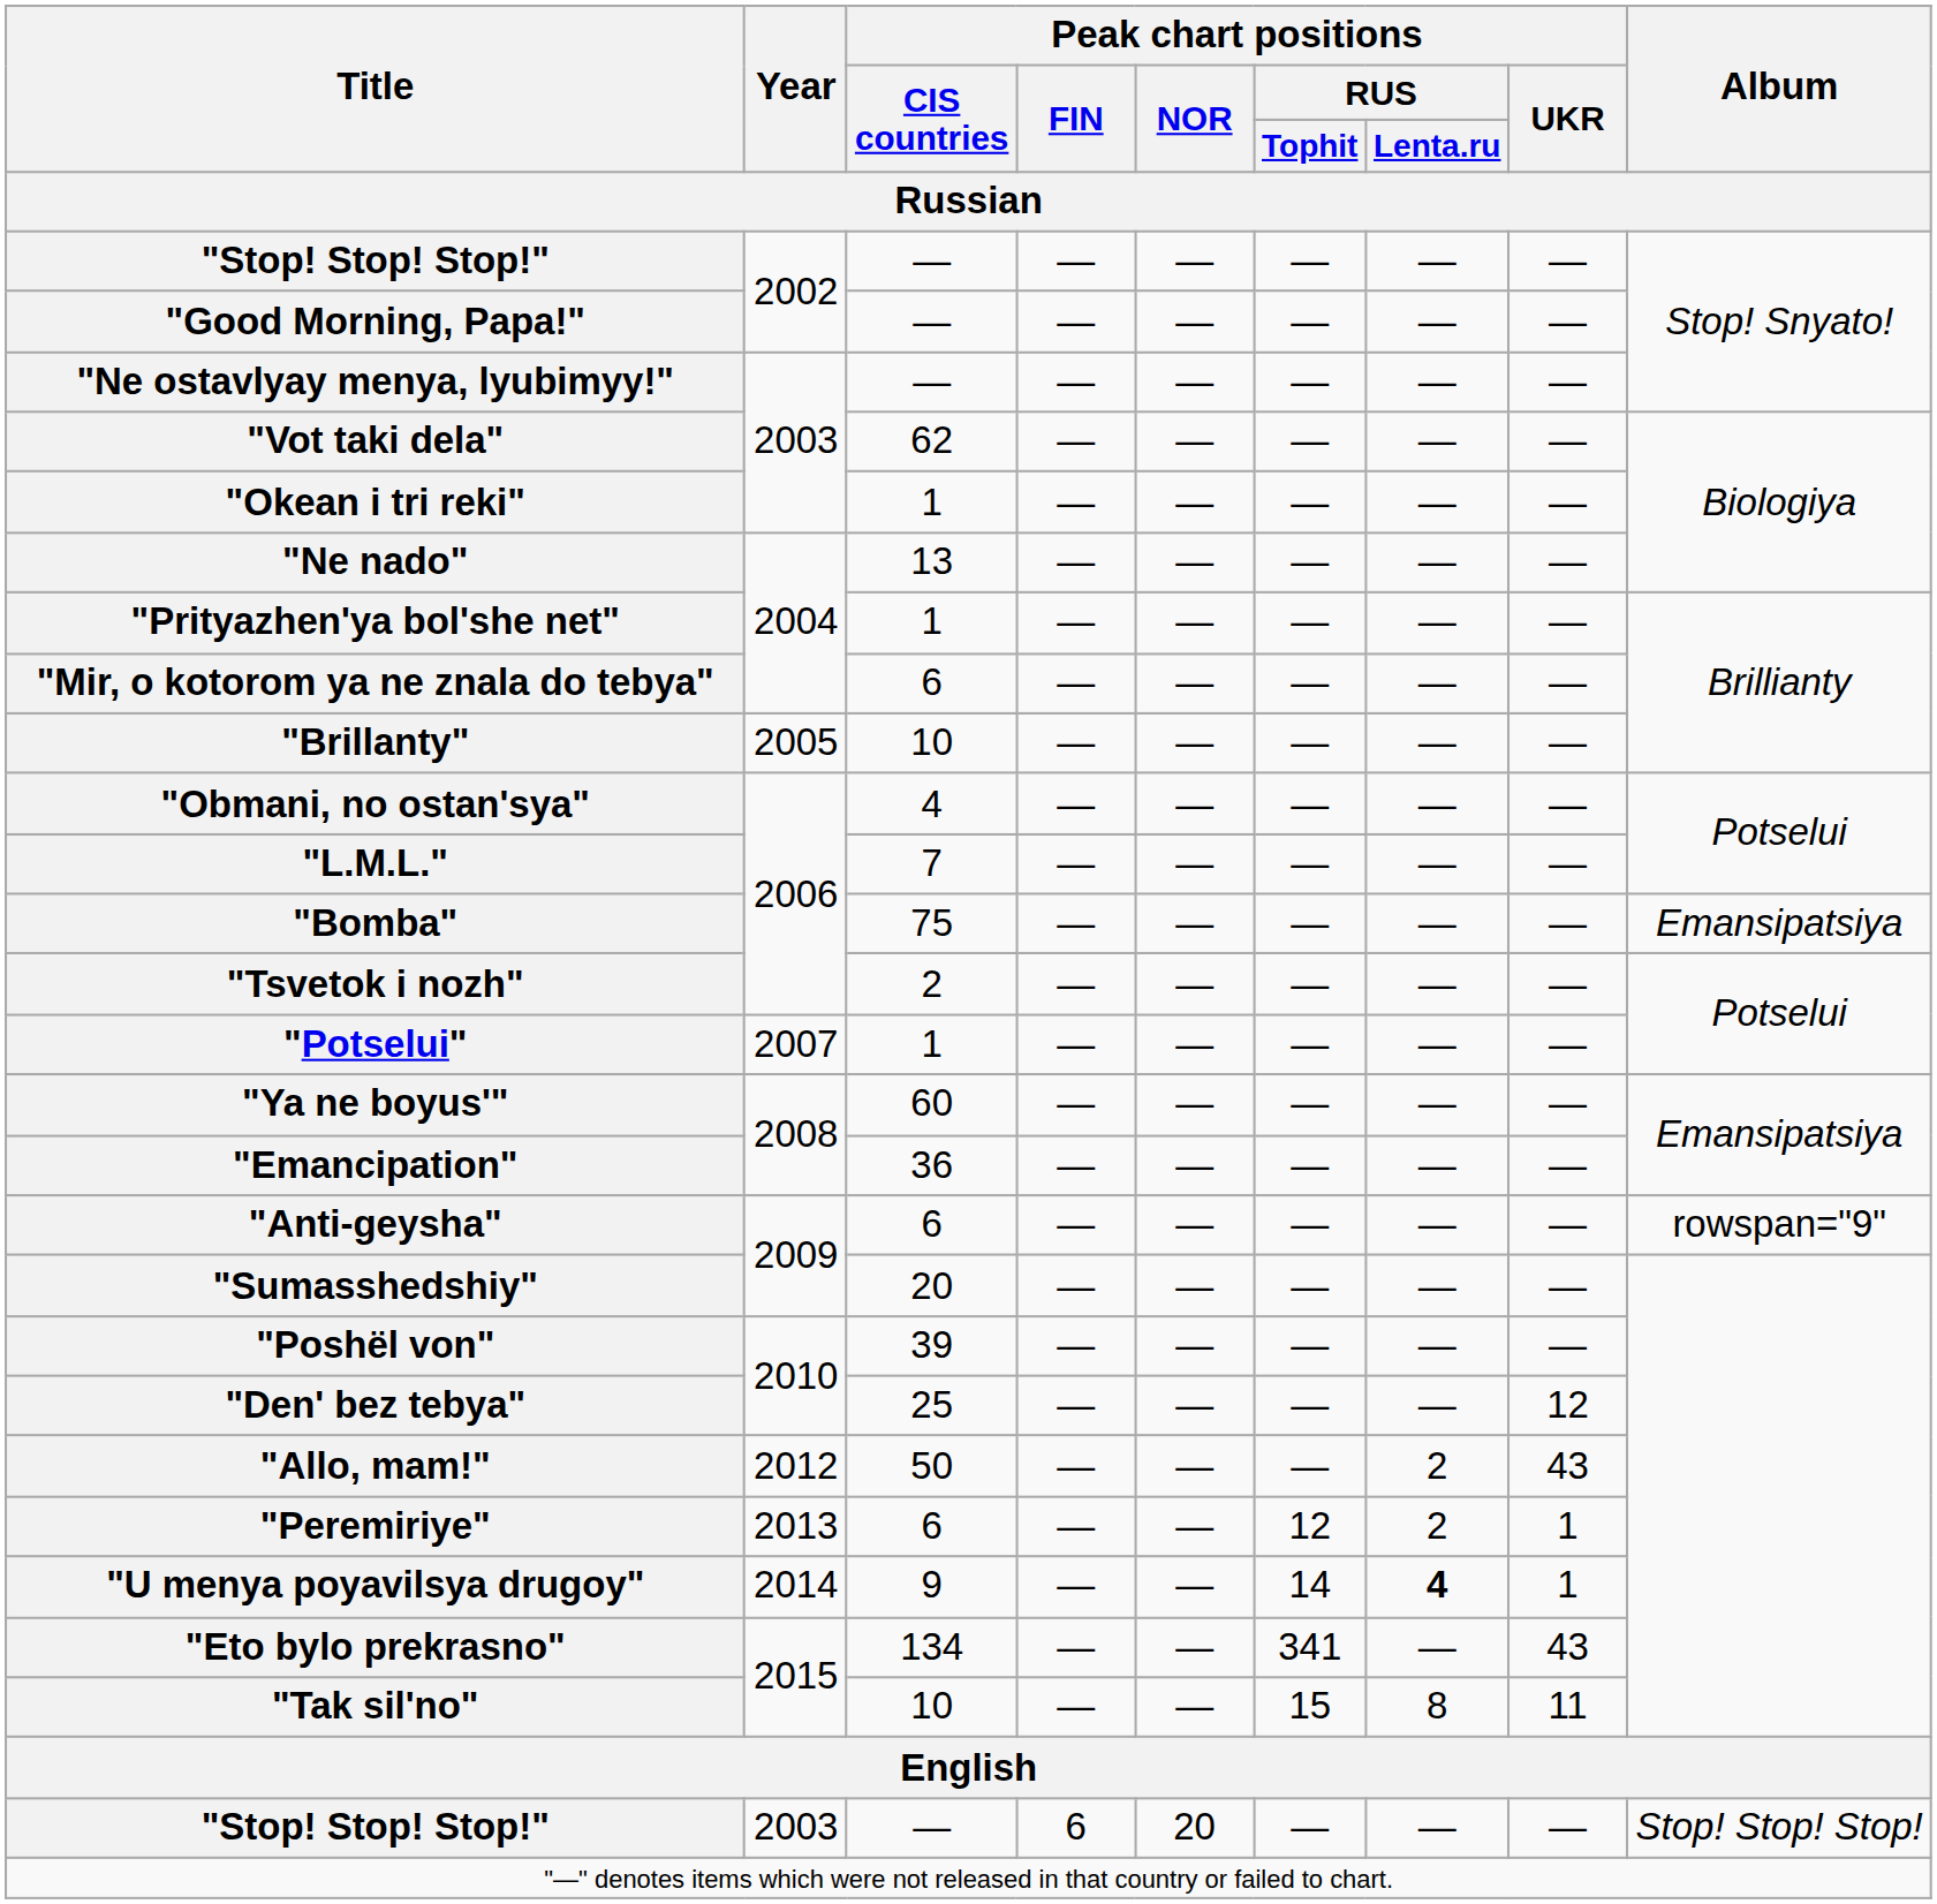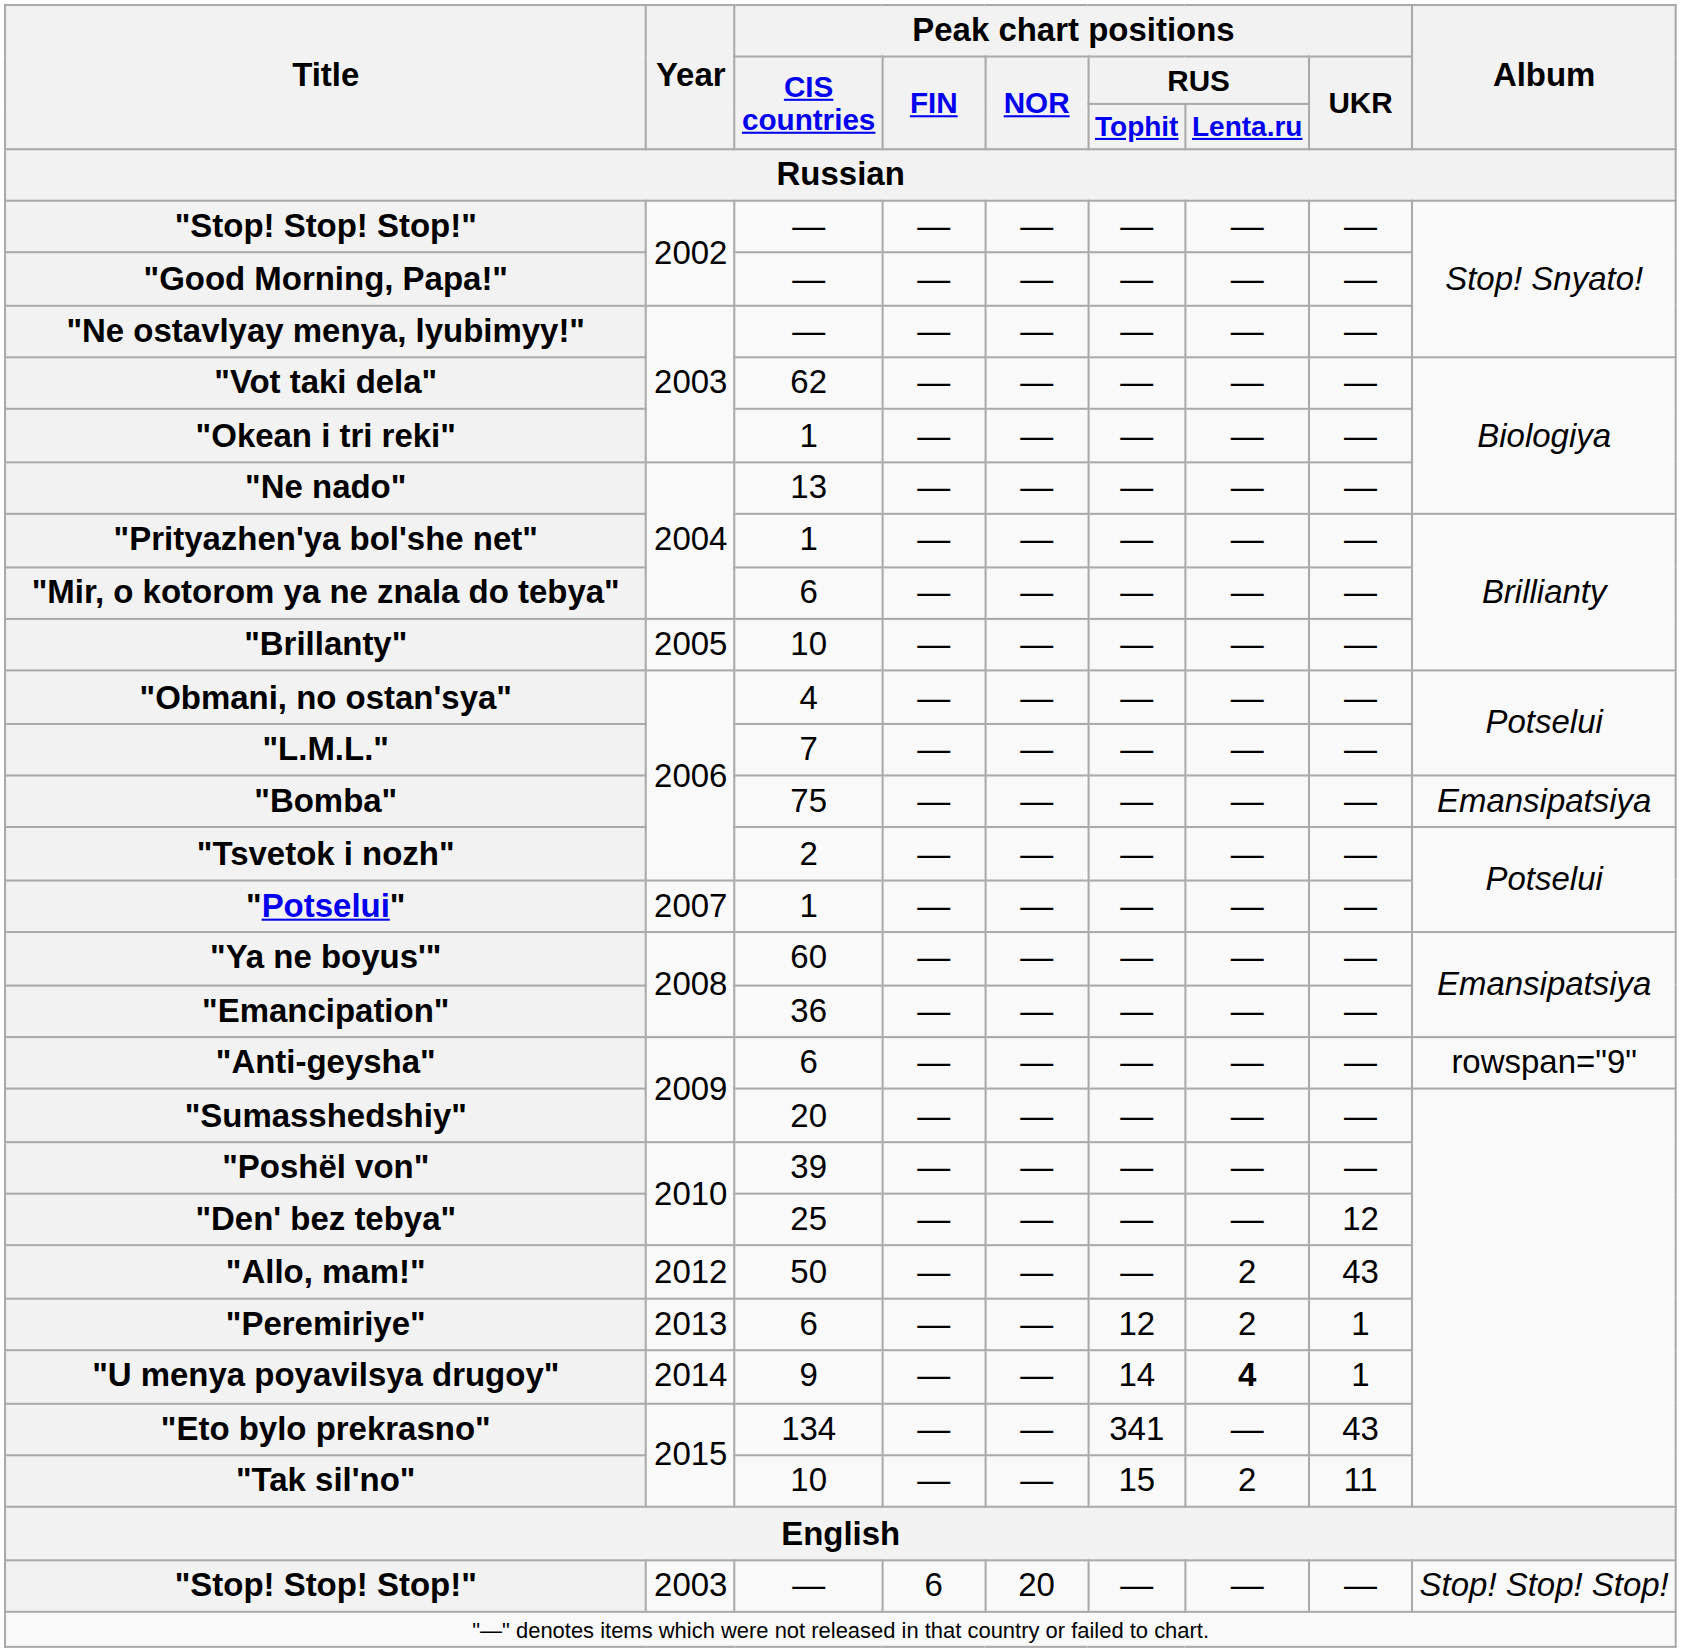 <table class="wikitable plainrowheaders" style="text-align:center;">
 <tr>
 <th scope="col" rowspan="3" style="width:19em;">Title</th>
 <th scope="col" rowspan="3">Year</th>
 <th scope="col" colspan="6">Peak chart positions</th>
 <th scope="col" rowspan="3">Album</th>
 </tr>
 <tr>
 <th scope="col" style="width:3em;font-size:90%;" rowspan="2"><a href='#'>CIS<br>countries</a><br></th>
 <th scope="col" style="width:3em;font-size:90%;" rowspan="2"><a href='#'>FIN</a><br></th>
 <th scope="col" style="width:3em;font-size:90%;" rowspan="2"><a href='#'>NOR</a><br></th>
 <th scope="col" colspan="2" style="width:3em;font-size:90%;">RUS<br></th>
 <th scope="col" style="width:3em;font-size:90%;" rowspan="2">UKR<br></th>
 </tr>
 <tr>
 <th scope="col" style="width:3em;font-size:85%;"><a href='#'>Tophit</a></th>
 <th scope="col" style="width:3em;font-size:85%;"><a href='#'>Lenta.ru</a><br></th>
 </tr>
 <tr>
 <th scope="col" colspan="10">Russian</th>
 </tr>
 <tr>
 <th scope="row">"Stop! Stop! Stop!" </th>
 <td rowspan="2">2002</td>
 <td>—</td>
 <td>—</td>
 <td>—</td>
 <td>—</td>
 <td>—</td>
 <td>—</td>
 <td rowspan="3"><em>Stop! Snyato!</em></td>
 </tr>
 <tr>
 <th scope="row">"Good Morning, Papa!" </th>
 <td>—</td>
 <td>—</td>
 <td>—</td>
 <td>—</td>
 <td>—</td>
 <td>—</td>
 </tr>
 <tr>
 <th scope="row">"Ne ostavlyay menya, lyubimyy!" </th>
 <td rowspan="3">2003</td>
 <td>—</td>
 <td>—</td>
 <td>—</td>
 <td>—</td>
 <td>—</td>
 <td>—</td>
 </tr>
 <tr>
 <th scope="row">"Vot taki dela" </th>
 <td>62</td>
 <td>—</td>
 <td>—</td>
 <td>—</td>
 <td>—</td>
 <td>—</td>
 <td rowspan="3"><em>Biologiya</em></td>
 </tr>
 <tr>
 <th scope="row">"Okean i tri reki" <br></th>
 <td>1</td>
 <td>—</td>
 <td>—</td>
 <td>—</td>
 <td>—</td>
 <td>—</td>
 </tr>
 <tr>
 <th scope="row">"Ne nado" </th>
 <td rowspan="3">2004</td>
 <td>13</td>
 <td>—</td>
 <td>—</td>
 <td>—</td>
 <td>—</td>
 <td>—</td>
 </tr>
 <tr>
 <th scope="row">"Prityazhen'ya bol'she net" <br></th>
 <td>1</td>
 <td>—</td>
 <td>—</td>
 <td>—</td>
 <td>—</td>
 <td>—</td>
 <td rowspan="3"><em>Brillianty</em></td>
 </tr>
 <tr>
 <th scope="row">"Mir, o kotorom ya ne znala do tebya" </th>
 <td>6</td>
 <td>—</td>
 <td>—</td>
 <td>—</td>
 <td>—</td>
 <td>—</td>
 </tr>
 <tr>
 <th scope="row">"Brillanty" </th>
 <td>2005</td>
 <td>10</td>
 <td>—</td>
 <td>—</td>
 <td>—</td>
 <td>—</td>
 <td>—</td>
 </tr>
 <tr>
 <th scope="row">"Obmani, no ostan'sya" </th>
 <td rowspan="4">2006</td>
 <td>4</td>
 <td>—</td>
 <td>—</td>
 <td>—</td>
 <td>—</td>
 <td>—</td>
 <td rowspan="2"><em>Potselui</em></td>
 </tr>
 <tr>
 <th scope="row">"L.M.L." </th>
 <td>7</td>
 <td>—</td>
 <td>—</td>
 <td>—</td>
 <td>—</td>
 <td>—</td>
 </tr>
 <tr>
 <th scope="row">"Bomba" <br></th>
 <td>75</td>
 <td>—</td>
 <td>—</td>
 <td>—</td>
 <td>—</td>
 <td>—</td>
 <td><em>Emansipatsiya</em></td>
 </tr>
 <tr>
 <th scope="row">"Tsvetok i nozh" </th>
 <td>2</td>
 <td>—</td>
 <td>—</td>
 <td>—</td>
 <td>—</td>
 <td>—</td>
 <td rowspan="2"><em>Potselui</em></td>
 </tr>
 <tr>
 <th scope="row">"<a href='#'>Potselui</a>" </th>
 <td>2007</td>
 <td>1</td>
 <td>—</td>
 <td>—</td>
 <td>—</td>
 <td>—</td>
 <td>—</td>
 </tr>
 <tr>
 <th scope="row">"Ya ne boyus'" </th>
 <td rowspan="2">2008</td>
 <td>60</td>
 <td>—</td>
 <td>—</td>
 <td>—</td>
 <td>—</td>
 <td>—</td>
 <td rowspan="2"><em>Emansipatsiya</em></td>
 </tr>
 <tr>
 <th scope="row">"Emancipation"</th>
 <td>36</td>
 <td>—</td>
 <td>—</td>
 <td>—</td>
 <td>—</td>
 <td>—</td>
 </tr>
 <tr>
 <th scope="row">"Аnti-geysha" </th>
 <td rowspan="2">2009</td>
 <td>6</td>
 <td>—</td>
 <td>—</td>
 <td>—</td>
 <td>—</td>
 <td>—</td>
 <td>rowspan="9" </td>
 </tr>
 <tr>
 <th scope="row">"Sumasshedshiy" </th>
 <td>20</td>
 <td>—</td>
 <td>—</td>
 <td>—</td>
 <td>—</td>
 <td>—</td>
 </tr>
 <tr>
 <th scope="row">"Poshёl von" </th>
 <td rowspan="2">2010</td>
 <td>39</td>
 <td>—</td>
 <td>—</td>
 <td>—</td>
 <td>—</td>
 <td>—</td>
 </tr>
 <tr>
 <th scope="row">"Den' bez tebya" </th>
 <td>25</td>
 <td>—</td>
 <td>—</td>
 <td>—</td>
 <td>—</td>
 <td>12</td>
 </tr>
 <tr>
 <th scope="row">"Allo, mam!" </th>
 <td>2012</td>
 <td>50</td>
 <td>—</td>
 <td>—</td>
 <td>—</td>
 <td>2</td>
 <td>43</td>
 </tr>
 <tr>
 <th scope="row">"Peremiriye" </th>
 <td>2013</td>
 <td>6</td>
 <td>—</td>
 <td>—</td>
 <td>12</td>
 <td>2</td>
 <td>1</td>
 </tr>
 <tr>
 <th scope="row">"U menya poyavilsya drugoy" <br></th>
 <td>2014</td>
 <td>9</td>
 <td>—</td>
 <td>—</td>
 <td>14</td>
 <td><strong>4</strong></td>
 <td>1</td>
 </tr>
 <tr>
 <th scope="row">"Eto bylo prekrasno" </th>
 <td rowspan="2">2015</td>
 <td>134</td>
 <td>—</td>
 <td>—</td>
 <td>341</td>
 <td>—</td>
 <td>43</td>
 </tr>
 <tr>
 <th scope="row">"Tak sil'no" </th>
 <td>10</td>
 <td>—</td>
 <td>—</td>
 <td>15</td>
-<td>8</td>
+<td>2</td>
 <td>11</td>
 </tr>
 <tr>
 <th scope="col" colspan="10">English</th>
 </tr>
 <tr>
 <th scope="row">"Stop! Stop! Stop!"</th>
 <td>2003</td>
 <td>—</td>
 <td>6</td>
 <td>20</td>
 <td>—</td>
 <td>—</td>
 <td>—</td>
 <td><em>Stop! Stop! Stop!</em></td>
 </tr>
 <tr>
 <td colspan="11" style="font-size:8pt;">"—" denotes items which were not released in that country or failed to chart.</td>
 </tr>
 </table>
